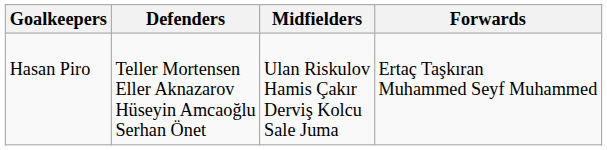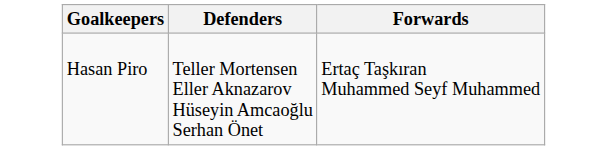 <table class="wikitable" style="margin: 0 auto;">
 <tr>
 <th>Goalkeepers</th>
 <th>Defenders</th>
-<th>Midfielders</th>
 <th>Forwards</th>
 </tr>
 <tr>
 <td valign=top><br> Hasan Piro</td>
 <td valign=top><br> Teller Mortensen <br>  Eller Aknazarov  <br>  Hüseyin Amcaoğlu <br>  Serhan Önet</td>
-<td valign=top><br> Ulan Riskulov<br>  Hamis Çakır<br>  Derviş Kolcu<br>  Sale Juma</td>
 <td valign=top><br>  Ertaç Taşkıran<br>   Muhammed Seyf Muhammed</td>
 </tr>
 </table>
